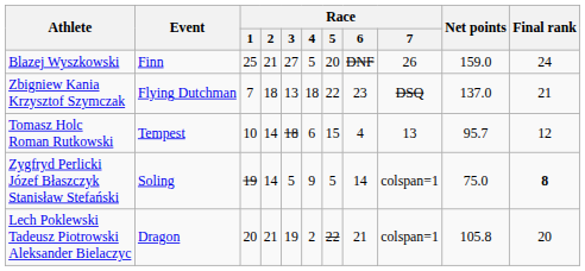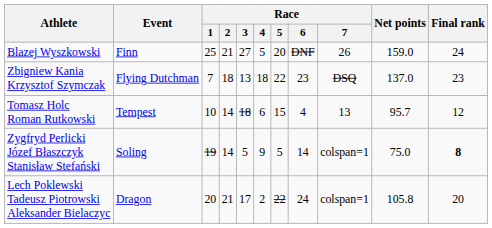 <table class="wikitable" style="font-size:90%">
 <tr>
 <th rowspan="2">Athlete</th>
 <th rowspan="2">Event</th>
 <th colspan=7>Race</th>
 <th rowspan=2>Net points</th>
 <th rowspan=2>Final rank</th>
 </tr>
 <tr style="font-size:95%">
 <th>1</th>
 <th>2</th>
 <th>3</th>
 <th>4</th>
 <th>5</th>
 <th>6</th>
 <th>7</th>
 </tr>
 <tr align=center>
 <td align=left><a href='#'>Blazej Wyszkowski</a></td>
 <td align=left><a href='#'>Finn</a></td>
 <td>25</td>
 <td>21</td>
 <td>27</td>
 <td>5</td>
 <td>20</td>
 <td><s>DNF</s></td>
 <td>26</td>
 <td>159.0</td>
 <td>24</td>
 </tr>
 <tr align=center>
 <td align=left><a href='#'>Zbigniew Kania</a><br><a href='#'>Krzysztof Szymczak</a></td>
 <td align=left><a href='#'>Flying Dutchman</a></td>
 <td>7</td>
 <td>18</td>
 <td>13</td>
 <td>18</td>
 <td>22</td>
 <td>23</td>
 <td><s>DSQ</s></td>
 <td>137.0</td>
-<td>21</td>
+<td>23</td>
 </tr>
 <tr align=center>
 <td align=left><a href='#'>Tomasz Holc</a><br><a href='#'>Roman Rutkowski</a></td>
 <td align=left><a href='#'>Tempest</a></td>
 <td>10</td>
 <td>14</td>
 <td><s>18</s></td>
 <td>6</td>
 <td>15</td>
 <td>4</td>
 <td>13</td>
 <td>95.7</td>
 <td>12</td>
 </tr>
 <tr align=center>
 <td align=left><a href='#'>Zygfryd Perlicki</a><br><a href='#'>Józef Błaszczyk</a><br><a href='#'>Stanisław Stefański</a></td>
 <td align=left><a href='#'>Soling</a></td>
 <td><s>19</s></td>
 <td>14</td>
 <td>5</td>
 <td>9</td>
 <td>5</td>
 <td>14</td>
 <td>colspan=1 </td>
 <td>75.0</td>
 <td><strong>8</strong></td>
 </tr>
 <tr align=center>
 <td align=left><a href='#'>Lech Poklewski</a><br><a href='#'>Tadeusz Piotrowski</a><br><a href='#'>Aleksander Bielaczyc</a></td>
 <td align=left><a href='#'>Dragon</a></td>
 <td>20</td>
 <td>21</td>
-<td>19</td>
+<td>17</td>
 <td>2</td>
 <td><s>22</s></td>
-<td>21</td>
+<td>24</td>
 <td>colspan=1 </td>
 <td>105.8</td>
 <td>20</td>
 </tr>
 </table>
